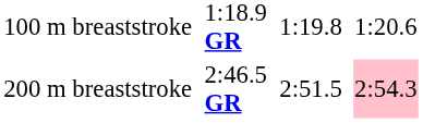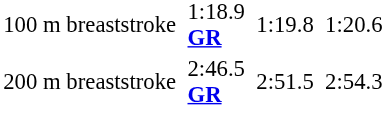 <table>
 <tr>
 <td>100 m breaststroke<br></td>
 <td></td>
 <td>1:18.9<br><strong><a href='#'>GR</a></strong></td>
 <td></td>
 <td>1:19.8</td>
 <td></td>
 <td>1:20.6</td>
 </tr>
 <tr>
 <td>200 m breaststroke<br></td>
 <td></td>
 <td>2:46.5<br><strong><a href='#'>GR</a></strong></td>
 <td></td>
 <td>2:51.5</td>
 <td></td>
-<td style="background: pink;">2:54.3</td>
+<td>2:54.3</td>
 </tr>
 <tr>
 </tr>
 </table>
